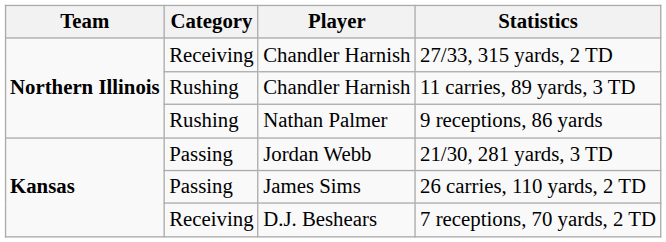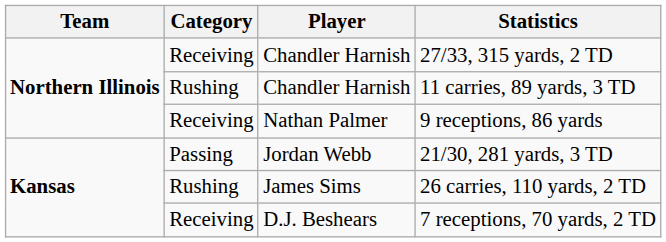 <table class="wikitable" style="float: right;">
 <tr>
 <th>Team</th>
 <th>Category</th>
 <th>Player</th>
 <th>Statistics</th>
 </tr>
 <tr>
 <td rowspan=3><strong>Northern Illinois</strong></td>
 <td>Receiving</td>
 <td>Chandler Harnish</td>
 <td>27/33, 315 yards, 2 TD</td>
 </tr>
 <tr>
 <td>Rushing</td>
 <td>Chandler Harnish</td>
 <td>11 carries, 89 yards, 3 TD</td>
 </tr>
 <tr>
-<td>Rushing</td>
+<td>Receiving</td>
 <td>Nathan Palmer</td>
 <td>9 receptions, 86 yards</td>
 </tr>
 <tr>
 <td rowspan=3><strong>Kansas</strong></td>
 <td>Passing</td>
 <td>Jordan Webb</td>
 <td>21/30, 281 yards, 3 TD</td>
 </tr>
 <tr>
-<td>Passing</td>
+<td>Rushing</td>
 <td>James Sims</td>
 <td>26 carries, 110 yards, 2 TD</td>
 </tr>
 <tr>
 <td>Receiving</td>
 <td>D.J. Beshears</td>
 <td>7 receptions, 70 yards, 2 TD</td>
 </tr>
 </table>
